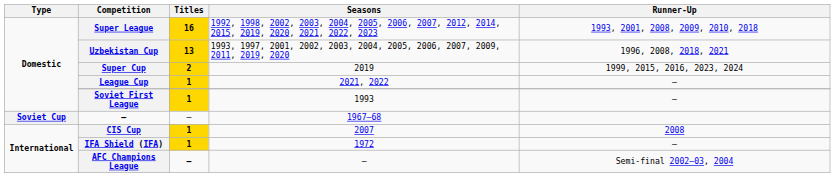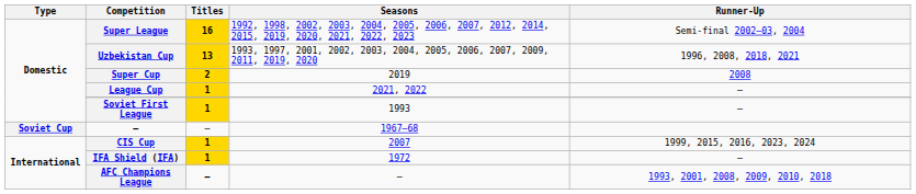 <table class="wikitable plainrowheaders" style="font-size:95%; text-align:center;">
 <tr>
 <th style="width: 1%;">Type</th>
 <th style="width: 5%;">Competition</th>
 <th style="width: 1%;">Titles</th>
 <th style="width: 21%;">Seasons</th>
 <th style="width: 21%;">Runner-Up</th>
 </tr>
 <tr>
 <td rowspan="6"><strong>Domestic</strong></td>
 <th scope=col><a href='#'>Super League</a></th>
 <td style="background-color:gold"><strong>16</strong></td>
 <td align="left"><a href='#'>1992</a>, <a href='#'>1998</a>, <a href='#'>2002</a>, <a href='#'>2003</a>, <a href='#'>2004</a>, <a href='#'>2005</a>, <a href='#'>2006</a>, <a href='#'>2007</a>, <a href='#'>2012</a>, <a href='#'>2014</a>, <a href='#'>2015</a>, <a href='#'>2019</a>, <a href='#'>2020</a>, <a href='#'>2021</a>, <a href='#'>2022</a>, <a href='#'>2023</a></td>
-<td><a href='#'>1993</a>, <a href='#'>2001</a>, <a href='#'>2008</a>, <a href='#'>2009</a>, <a href='#'>2010</a>, <a href='#'>2018</a></td>
+<td>Semi-final <a href='#'>2002–03</a>, <a href='#'>2004</a></td>
 </tr>
 <tr>
 <th scope=col><a href='#'>Uzbekistan Cup</a></th>
 <td style="background-color:gold"><strong>13</strong></td>
 <td align="left">1993, 1997, 2001, 2002, 2003, 2004, 2005, 2006, 2007, 2009, <a href='#'>2011</a>, <a href='#'>2019</a>, <a href='#'>2020</a></td>
 <td>1996, 2008, <a href='#'>2018</a>, <a href='#'>2021</a></td>
 </tr>
 <tr>
 <th scope=col><a href='#'>Super Cup</a></th>
 <td style="background-color:gold"><strong>2</strong></td>
 <td align="center">2019</td>
-<td>1999, 2015, 2016, 2023, 2024</td>
+<td><a href='#'>2008</a></td>
 </tr>
 <tr>
 <th scope=col><a href='#'>League Cup</a></th>
 <td style="background-color:gold"><strong>1</strong></td>
 <td align="center"><a href='#'>2021</a>, <a href='#'>2022</a></td>
 <td>–</td>
 </tr>
 <tr>
 </tr>
 <tr>
 <th scope=col><a href='#'>Soviet First League</a></th>
 <td style="background-color:gold"><strong>1</strong></td>
 <td align="center">1993</td>
 <td>–</td>
 </tr>
 <tr>
 <th scope=col><a href='#'>Soviet Cup</a></th>
 <td align="center"><strong>–</strong></td>
 <td align="center">–</td>
 <td><a href='#'>1967–68</a></td>
 </tr>
 <tr>
 <td rowspan="3"><strong>International</strong></td>
 <th scope=col><a href='#'>CIS Cup</a></th>
 <td style="background-color:gold"><strong>1</strong></td>
 <td><a href='#'>2007</a></td>
-<td><a href='#'>2008</a></td>
+<td>1999, 2015, 2016, 2023, 2024</td>
 </tr>
 <tr>
 <th scope=col><a href='#'>IFA Shield</a> (<a href='#'>IFA</a>)</th>
 <td style="background-color:gold"><strong>1</strong></td>
 <td align="center"><a href='#'>1972</a></td>
 <td>–</td>
 </tr>
 <tr>
 <th scope=col><a href='#'>AFC Champions League</a></th>
 <td align="center"><strong>–</strong></td>
 <td align="center">–</td>
-<td>Semi-final <a href='#'>2002–03</a>, <a href='#'>2004</a></td>
+<td><a href='#'>1993</a>, <a href='#'>2001</a>, <a href='#'>2008</a>, <a href='#'>2009</a>, <a href='#'>2010</a>, <a href='#'>2018</a></td>
 </tr>
 </table>
